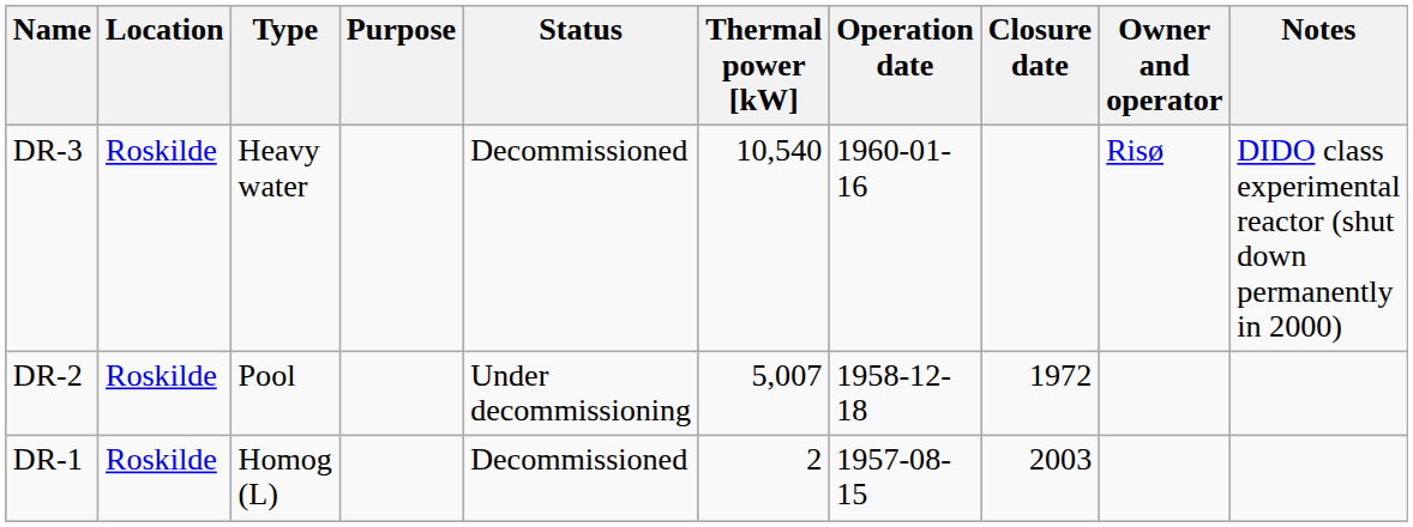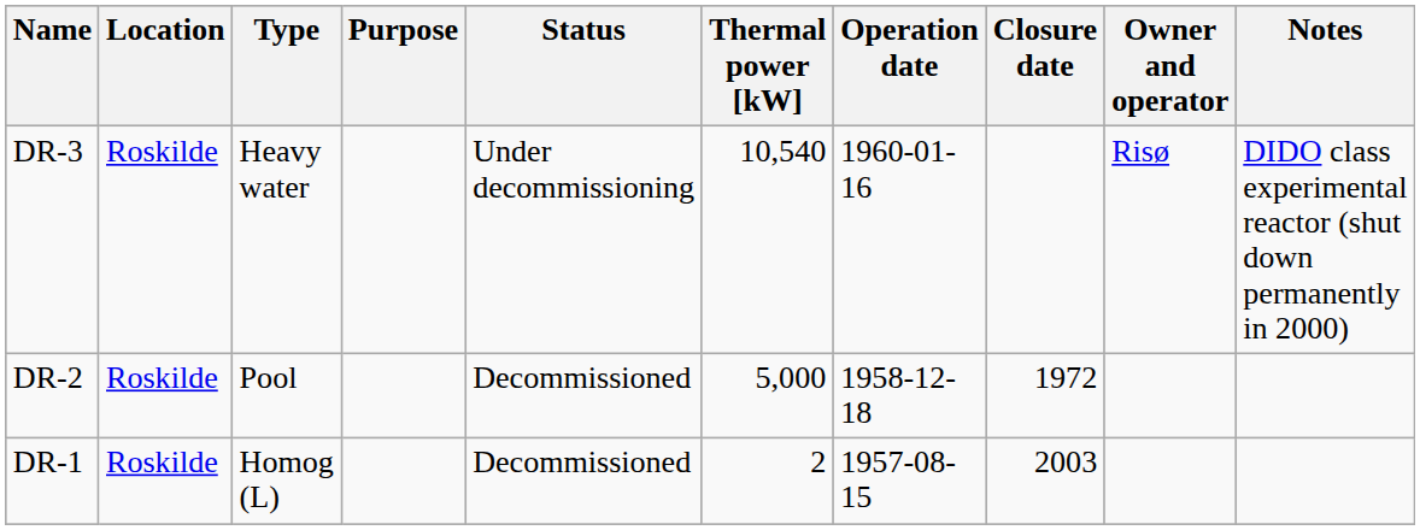 <table class="wikitable" >
 <tr valign="top">
 <th width="80">Name</th>
 <th width="65">Location</th>
 <th width="76">Type</th>
 <th width="65">Purpose</th>
 <th width="91">Status</th>
 <th width="70“">Thermal power [kW]</th>
 <th width=„67“>Operation date</th>
 <th width="78“">Closure date</th>
 <th width="113“">Owner and operator</th>
 <th width="65">Notes</th>
 </tr>
 <tr valign="top">
 <td>DR-3</td>
 <td><a href='#'>Roskilde</a></td>
 <td>Heavy water</td>
 <td></td>
-<td>Decommissioned</td>
+<td>Under decommissioning</td>
 <td align="right">10,540</td>
 <td>1960-01-16</td>
 <td></td>
 <td><a href='#'>Risø</a></td>
 <td><a href='#'>DIDO</a> class experimental reactor (shut down permanently in 2000)</td>
 </tr>
 <tr valign="top">
 <td>DR-2</td>
 <td><a href='#'>Roskilde</a></td>
 <td>Pool</td>
 <td></td>
-<td>Under decommissioning</td>
-<td align="right">5,007</td>
+<td>Decommissioned</td>
+<td align="right">5,000</td>
 <td>1958-12-18</td>
 <td align="right">1972</td>
 <td></td>
 <td></td>
 </tr>
 <tr valign="top">
 <td>DR-1</td>
 <td><a href='#'>Roskilde</a></td>
 <td>Homog (L)</td>
 <td></td>
 <td>Decommissioned</td>
 <td align="right">2</td>
 <td>1957-08-15</td>
 <td align="right">2003</td>
 <td></td>
 <td></td>
 </tr>
 </table>
